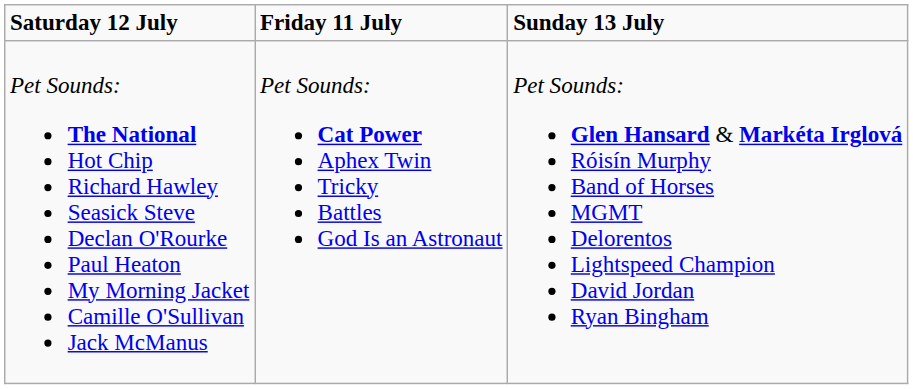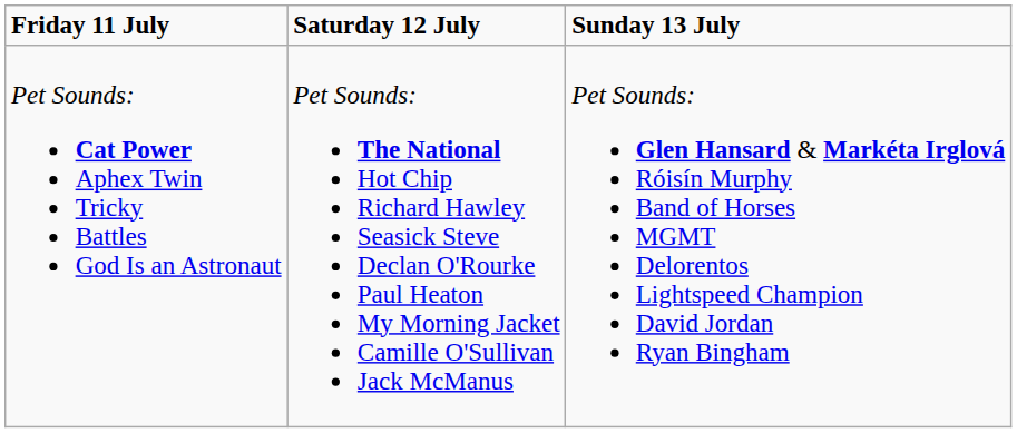 <table class="wikitable">
 <tr>
+<td><strong>Friday 11 July</strong></td>
 <td><strong>Saturday 12 July</strong></td>
-<td><strong>Friday 11 July</strong></td>
 <td><strong>Sunday 13 July</strong></td>
 </tr>
 <tr valign="top">
+<td><br><em>Pet Sounds:</em><ul><li><strong><a href='#'>Cat Power</a></strong></li><li><a href='#'>Aphex Twin</a></li><li><a href='#'>Tricky</a></li><li><a href='#'>Battles</a></li><li><a href='#'>God Is an Astronaut</a></li></ul></td>
 <td><br><em>Pet Sounds:</em><ul><li><strong><a href='#'>The National</a></strong></li><li><a href='#'>Hot Chip</a></li><li><a href='#'>Richard Hawley</a></li><li><a href='#'>Seasick Steve</a></li><li><a href='#'>Declan O'Rourke</a></li><li><a href='#'>Paul Heaton</a></li><li><a href='#'>My Morning Jacket</a></li><li><a href='#'>Camille O'Sullivan</a></li><li><a href='#'>Jack McManus</a></li></ul></td>
-<td><br><em>Pet Sounds:</em><ul><li><strong><a href='#'>Cat Power</a></strong></li><li><a href='#'>Aphex Twin</a></li><li><a href='#'>Tricky</a></li><li><a href='#'>Battles</a></li><li><a href='#'>God Is an Astronaut</a></li></ul></td>
 <td><br><em>Pet Sounds:</em><ul><li><strong><a href='#'>Glen Hansard</a></strong> & <strong><a href='#'>Markéta Irglová</a></strong></li><li><a href='#'>Róisín Murphy</a></li><li><a href='#'>Band of Horses</a></li><li><a href='#'>MGMT</a></li><li><a href='#'>Delorentos</a></li><li><a href='#'>Lightspeed Champion</a></li><li><a href='#'>David Jordan</a></li><li><a href='#'>Ryan Bingham</a></li></ul></td>
 </tr>
 </table>
